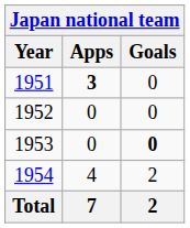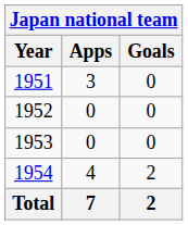 <table class="wikitable" style="text-align:center">
 <tr>
 <th colspan=3><a href='#'>Japan national team</a></th>
 </tr>
 <tr>
 <th>Year</th>
 <th>Apps</th>
 <th>Goals</th>
 </tr>
 <tr>
 <td><a href='#'>1951</a></td>
-<td><strong>3</strong></td>
+<td>3</td>
 <td>0</td>
 </tr>
 <tr>
 <td>1952</td>
 <td>0</td>
 <td>0</td>
 </tr>
 <tr>
 <td>1953</td>
 <td>0</td>
-<td><strong>0</strong></td>
+<td>0</td>
 </tr>
 <tr>
 <td><a href='#'>1954</a></td>
 <td>4</td>
 <td>2</td>
 </tr>
 <tr>
 <th>Total</th>
 <th>7</th>
 <th>2</th>
 </tr>
 </table>
